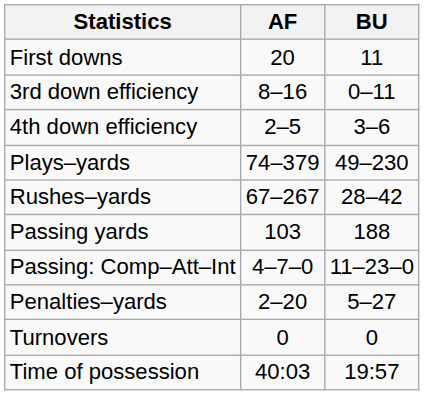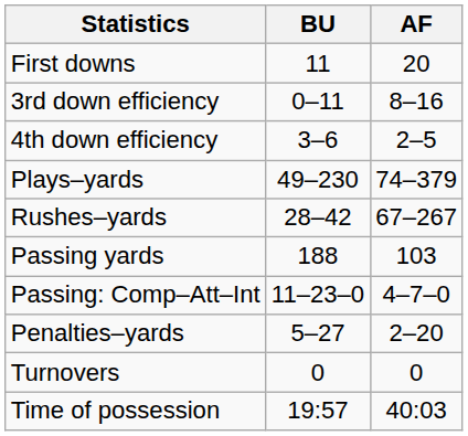 <table class="wikitable">
 <tr>
 <th>Statistics</th>
+<th>BU</th>
 <th>AF</th>
-<th>BU</th>
 </tr>
 <tr>
 <td>First downs</td>
+<td align=center>11</td>
 <td align=center>20</td>
-<td align=center>11</td>
 </tr>
 <tr>
 <td>3rd down efficiency</td>
+<td align=center>0–11</td>
 <td align=center>8–16</td>
-<td align=center>0–11</td>
 </tr>
 <tr>
 <td>4th down efficiency</td>
+<td align=center>3–6</td>
 <td align=center>2–5</td>
-<td align=center>3–6</td>
 </tr>
 <tr>
 <td>Plays–yards</td>
+<td align=center>49–230</td>
 <td align=center>74–379</td>
-<td align=center>49–230</td>
 </tr>
 <tr>
 <td>Rushes–yards</td>
+<td align=center>28–42</td>
 <td align=center>67–267</td>
-<td align=center>28–42</td>
 </tr>
 <tr>
 <td>Passing yards</td>
+<td align=center>188</td>
 <td align=center>103</td>
-<td align=center>188</td>
 </tr>
 <tr>
 <td>Passing: Comp–Att–Int</td>
+<td align=center>11–23–0</td>
 <td align=center>4–7–0</td>
-<td align=center>11–23–0</td>
 </tr>
 <tr>
 <td>Penalties–yards</td>
+<td align=center>5–27</td>
 <td align=center>2–20</td>
-<td align=center>5–27</td>
 </tr>
 <tr>
 <td>Turnovers</td>
 <td align=center>0</td>
 <td align=center>0</td>
 </tr>
 <tr>
 <td>Time of possession</td>
+<td align=center>19:57</td>
 <td align=center>40:03</td>
-<td align=center>19:57</td>
 </tr>
 </table>
